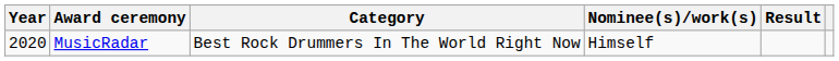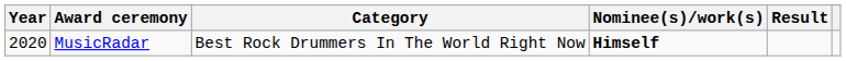 <table class="wikitable sortable plainrowheaders">
 <tr>
 <th scope="col">Year</th>
 <th scope="col">Award ceremony</th>
 <th scope="col">Category</th>
 <th scope="col">Nominee(s)/work(s)</th>
 <th scope="col">Result</th>
 <th scope="col" class="unsortable"></th>
 </tr>
 <tr>
 <td rowspan="3">2020</td>
 <td rowspan="1"><a href='#'>MusicRadar</a></td>
 <td>Best Rock Drummers In The World Right Now</td>
-<td>Himself</td>
+<td><strong>Himself</strong></td>
 <td></td>
 <td style="text-align:center;"></td>
 </tr>
 </table>
